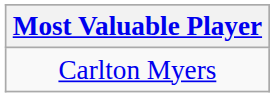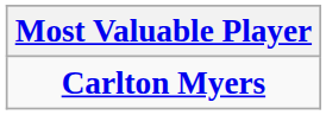 <table class=wikitable style="text-align:center; margin:auto">
 <tr>
 <th><a href='#'>Most Valuable Player</a></th>
 </tr>
 <tr>
-<td> <a href='#'>Carlton Myers</a></td>
+<td><strong> <a href='#'>Carlton Myers</a></strong></td>
 </tr>
 </table>
